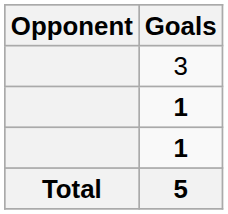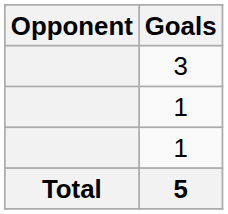 <table class="wikitable plainrowheaders sortable" style="text-align:center; font-size:95%">
 <tr>
 <th scope="col">Opponent</th>
 <th scope="col">Goals</th>
 </tr>
 <tr>
 <th scope="row"></th>
 <td>3</td>
 </tr>
 <tr>
 <th scope="row"></th>
-<td><strong>1</strong></td>
+<td>1</td>
 </tr>
 <tr>
 <th scope="row"></th>
-<td><strong>1</strong></td>
+<td>1</td>
 </tr>
 <tr>
 <th>Total</th>
 <th>5</th>
 </tr>
 </table>
